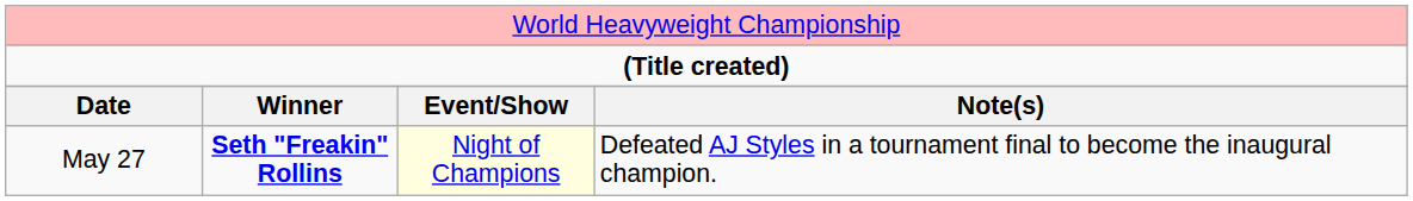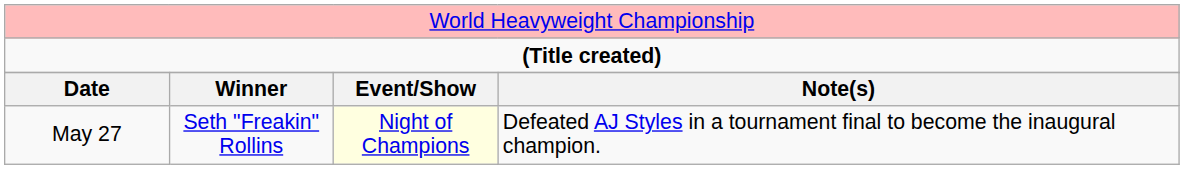 <table class="wikitable" style="text-align:center; width:100%;">
 <tr style="background:#FBB;">
 <td colspan="4" style="text-align: center;"><a href='#'>World Heavyweight Championship</a></td>
 </tr>
 <tr>
 <td colspan="4" style="text-align: center;"><strong>(Title created)</strong></td>
 </tr>
 <tr>
 </tr>
 <tr>
 <th width=14%>Date</th>
 <th width=14%>Winner</th>
 <th width=14%>Event/Show</th>
 <th width=58%>Note(s)</th>
 </tr>
 <tr>
 <td>May 27</td>
-<td><strong><a href='#'>Seth "Freakin" Rollins</a></strong></td>
+<td><a href='#'>Seth "Freakin" Rollins</a></td>
 <td style="background: lightyellow;"><a href='#'>Night of Champions</a></td>
 <td align=left>Defeated <a href='#'>AJ Styles</a> in a tournament final to become the inaugural champion.</td>
 </tr>
 </table>
